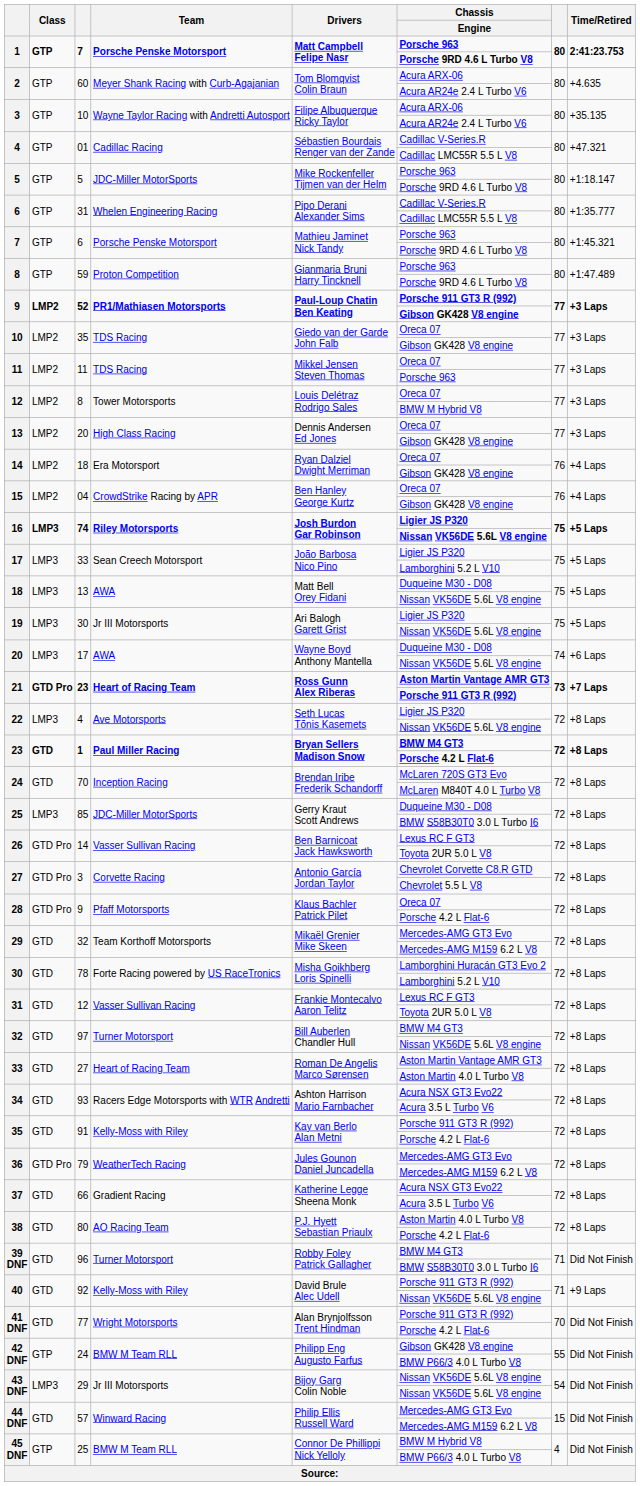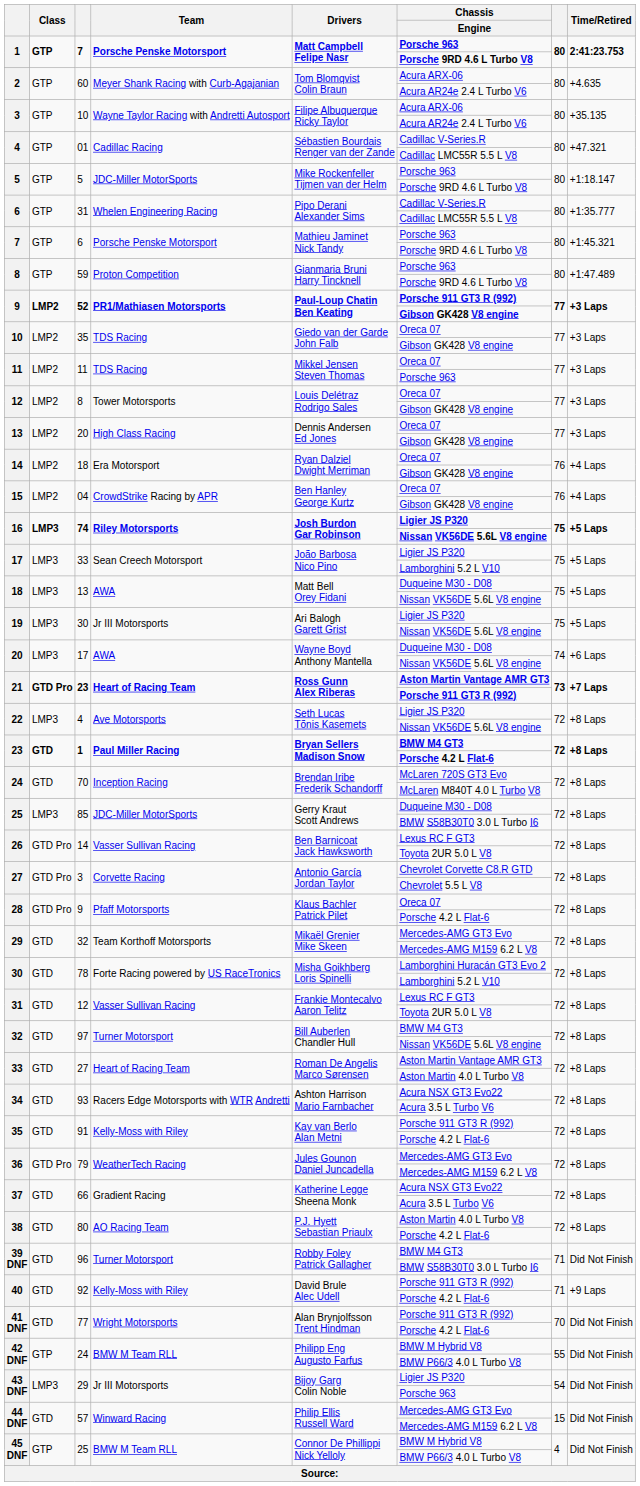 <table class="wikitable" style="font-size:95%;">
 <tr>
 <th rowspan="2"></th>
 <th rowspan="2">Class</th>
 <th rowspan="2"></th>
 <th rowspan="2">Team</th>
 <th rowspan="2">Drivers</th>
 <th>Chassis</th>
 <th rowspan="2"></th>
 <th rowspan="2">Time/Retired</th>
 </tr>
 <tr>
 <th>Engine</th>
 </tr>
 <tr style="font-weight:bold;">
 <th rowspan="2">1</th>
 <td rowspan="2">GTP</td>
 <td rowspan="2">7</td>
 <td rowspan="2"> <a href='#'>Porsche Penske Motorsport</a></td>
 <td rowspan="2"> <a href='#'>Matt Campbell</a><br> <a href='#'>Felipe Nasr</a></td>
 <td><a href='#'>Porsche 963</a></td>
 <td rowspan="2">80</td>
 <td rowspan="2">2:41:23.753</td>
 </tr>
 <tr style="font-weight:bold;">
 <td><a href='#'>Porsche</a> 9RD 4.6 L Turbo <a href='#'>V8</a></td>
 </tr>
 <tr>
 <th rowspan="2">2</th>
 <td rowspan="2">GTP</td>
 <td rowspan="2">60</td>
 <td rowspan="2"> <a href='#'>Meyer Shank Racing</a> with <a href='#'>Curb-Agajanian</a></td>
 <td rowspan="2"> <a href='#'>Tom Blomqvist</a><br> <a href='#'>Colin Braun</a></td>
 <td><a href='#'>Acura ARX-06</a></td>
 <td rowspan="2">80</td>
 <td rowspan="2">+4.635</td>
 </tr>
 <tr>
 <td><a href='#'>Acura AR24e</a> 2.4 L Turbo <a href='#'>V6</a></td>
 </tr>
 <tr>
 <th rowspan="2">3</th>
 <td rowspan="2">GTP</td>
 <td rowspan="2">10</td>
 <td rowspan="2"> <a href='#'>Wayne Taylor Racing</a> with <a href='#'>Andretti Autosport</a></td>
 <td rowspan="2"> <a href='#'>Filipe Albuquerque</a><br> <a href='#'>Ricky Taylor</a></td>
 <td><a href='#'>Acura ARX-06</a></td>
 <td rowspan="2">80</td>
 <td rowspan="2">+35.135</td>
 </tr>
 <tr>
 <td><a href='#'>Acura AR24e</a> 2.4 L Turbo <a href='#'>V6</a></td>
 </tr>
 <tr>
 <th rowspan="2">4</th>
 <td rowspan="2">GTP</td>
 <td rowspan="2">01</td>
 <td rowspan="2"> <a href='#'>Cadillac Racing</a></td>
 <td rowspan="2"> <a href='#'>Sébastien Bourdais</a><br> <a href='#'>Renger van der Zande</a></td>
 <td><a href='#'>Cadillac V-Series.R</a></td>
 <td rowspan="2">80</td>
 <td rowspan="2">+47.321</td>
 </tr>
 <tr>
 <td><a href='#'>Cadillac</a> LMC55R 5.5 L <a href='#'>V8</a></td>
 </tr>
 <tr>
 <th rowspan="2">5</th>
 <td rowspan="2">GTP</td>
 <td rowspan="2">5</td>
 <td rowspan="2"> <a href='#'>JDC-Miller MotorSports</a></td>
 <td rowspan="2"> <a href='#'>Mike Rockenfeller</a><br> <a href='#'>Tijmen van der Helm</a></td>
 <td><a href='#'>Porsche 963</a></td>
 <td rowspan="2">80</td>
 <td rowspan="2">+1:18.147</td>
 </tr>
 <tr>
 <td><a href='#'>Porsche</a> 9RD 4.6 L Turbo <a href='#'>V8</a></td>
 </tr>
 <tr>
 <th rowspan="2">6</th>
 <td rowspan="2">GTP</td>
 <td rowspan="2">31</td>
 <td rowspan="2"> <a href='#'>Whelen Engineering Racing</a></td>
 <td rowspan="2"> <a href='#'>Pipo Derani</a><br> <a href='#'>Alexander Sims</a></td>
 <td><a href='#'>Cadillac V-Series.R</a></td>
 <td rowspan="2">80</td>
 <td rowspan="2">+1:35.777</td>
 </tr>
 <tr>
 <td><a href='#'>Cadillac</a> LMC55R 5.5 L <a href='#'>V8</a></td>
 </tr>
 <tr>
 <th rowspan="2">7</th>
 <td rowspan="2">GTP</td>
 <td rowspan="2">6</td>
 <td rowspan="2"> <a href='#'>Porsche Penske Motorsport</a></td>
 <td rowspan="2"> <a href='#'>Mathieu Jaminet</a><br> <a href='#'>Nick Tandy</a></td>
 <td><a href='#'>Porsche 963</a></td>
 <td rowspan="2">80</td>
 <td rowspan="2">+1:45.321</td>
 </tr>
 <tr>
 <td><a href='#'>Porsche</a> 9RD 4.6 L Turbo <a href='#'>V8</a></td>
 </tr>
 <tr>
 <th rowspan="2">8</th>
 <td rowspan="2">GTP</td>
 <td rowspan="2">59</td>
 <td rowspan="2"> <a href='#'>Proton Competition</a></td>
 <td rowspan="2"> <a href='#'>Gianmaria Bruni</a><br> <a href='#'>Harry Tincknell</a></td>
 <td><a href='#'>Porsche 963</a></td>
 <td rowspan="2">80</td>
 <td rowspan="2">+1:47.489</td>
 </tr>
 <tr>
 <td><a href='#'>Porsche</a> 9RD 4.6 L Turbo <a href='#'>V8</a></td>
 </tr>
 <tr style="font-weight:bold">
 <th rowspan="2">9</th>
 <td rowspan="2">LMP2</td>
 <td rowspan="2">52</td>
 <td rowspan="2"> <a href='#'>PR1/Mathiasen Motorsports</a></td>
 <td rowspan="2"> <a href='#'>Paul-Loup Chatin</a><br> <a href='#'>Ben Keating</a></td>
 <td><a href='#'>Porsche 911 GT3 R (992)</a></td>
 <td rowspan="2">77</td>
 <td rowspan="2">+3 Laps</td>
 </tr>
 <tr style="font-weight:bold">
 <td><a href='#'>Gibson</a> GK428 <a href='#'>V8 engine</a></td>
 </tr>
 <tr>
 <th rowspan="2">10</th>
 <td rowspan="2">LMP2</td>
 <td rowspan="2">35</td>
 <td rowspan="2"> <a href='#'>TDS Racing</a></td>
 <td rowspan="2"> <a href='#'>Giedo van der Garde</a><br> <a href='#'>John Falb</a></td>
 <td><a href='#'>Oreca 07</a></td>
 <td rowspan="2">77</td>
 <td rowspan="2">+3 Laps</td>
 </tr>
 <tr>
 <td><a href='#'>Gibson</a> GK428 <a href='#'>V8 engine</a></td>
 </tr>
 <tr>
 <th rowspan="2">11</th>
 <td rowspan="2">LMP2</td>
 <td rowspan="2">11</td>
 <td rowspan="2"> <a href='#'>TDS Racing</a></td>
 <td rowspan="2"> <a href='#'>Mikkel Jensen</a><br> <a href='#'>Steven Thomas</a></td>
 <td><a href='#'>Oreca 07</a></td>
 <td rowspan="2">77</td>
 <td rowspan="2">+3 Laps</td>
 </tr>
 <tr>
 <td><a href='#'>Porsche 963</a></td>
 </tr>
 <tr>
 <th rowspan="2">12</th>
 <td rowspan="2">LMP2</td>
 <td rowspan="2">8</td>
 <td rowspan="2"> Tower Motorsports</td>
 <td rowspan="2"> <a href='#'>Louis Delétraz</a><br> <a href='#'>Rodrigo Sales</a></td>
 <td><a href='#'>Oreca 07</a></td>
 <td rowspan="2">77</td>
 <td rowspan="2">+3 Laps</td>
 </tr>
 <tr>
-<td><a href='#'>BMW M Hybrid V8</a></td>
+<td><a href='#'>Gibson</a> GK428 <a href='#'>V8 engine</a></td>
 </tr>
 <tr>
 <th rowspan="2">13</th>
 <td rowspan="2">LMP2</td>
 <td rowspan="2">20</td>
 <td rowspan="2"> <a href='#'>High Class Racing</a></td>
 <td rowspan="2"> Dennis Andersen<br> <a href='#'>Ed Jones</a></td>
 <td><a href='#'>Oreca 07</a></td>
 <td rowspan="2">77</td>
 <td rowspan="2">+3 Laps</td>
 </tr>
 <tr>
 <td><a href='#'>Gibson</a> GK428 <a href='#'>V8 engine</a></td>
 </tr>
 <tr>
 <th rowspan="2">14</th>
 <td rowspan="2">LMP2</td>
 <td rowspan="2">18</td>
 <td rowspan="2"> Era Motorsport</td>
 <td rowspan="2"> <a href='#'>Ryan Dalziel</a><br> <a href='#'>Dwight Merriman</a></td>
 <td><a href='#'>Oreca 07</a></td>
 <td rowspan="2">76</td>
 <td rowspan="2">+4 Laps</td>
 </tr>
 <tr>
 <td><a href='#'>Gibson</a> GK428 <a href='#'>V8 engine</a></td>
 </tr>
 <tr>
 <th rowspan="2">15</th>
 <td rowspan="2">LMP2</td>
 <td rowspan="2">04</td>
 <td rowspan="2"> <a href='#'>CrowdStrike</a> Racing by <a href='#'>APR</a></td>
 <td rowspan="2"> <a href='#'>Ben Hanley</a><br> <a href='#'>George Kurtz</a></td>
 <td><a href='#'>Oreca 07</a></td>
 <td rowspan="2">76</td>
 <td rowspan="2">+4 Laps</td>
 </tr>
 <tr>
 <td><a href='#'>Gibson</a> GK428 <a href='#'>V8 engine</a></td>
 </tr>
 <tr style="font-weight:bold">
 <th rowspan="2">16</th>
 <td rowspan="2">LMP3</td>
 <td rowspan="2">74</td>
 <td rowspan="2"> <a href='#'>Riley Motorsports</a></td>
 <td rowspan="2"> <a href='#'>Josh Burdon</a><br> <a href='#'>Gar Robinson</a></td>
 <td><a href='#'>Ligier JS P320</a></td>
 <td rowspan="2">75</td>
 <td rowspan="2">+5 Laps</td>
 </tr>
 <tr style="font-weight:bold">
 <td><a href='#'>Nissan</a> <a href='#'>VK56DE</a> 5.6L <a href='#'>V8 engine</a></td>
 </tr>
 <tr>
 <th rowspan="2">17</th>
 <td rowspan="2">LMP3</td>
 <td rowspan="2">33</td>
 <td rowspan="2"> Sean Creech Motorsport</td>
 <td rowspan="2"> <a href='#'>João Barbosa</a><br> <a href='#'>Nico Pino</a></td>
 <td><a href='#'>Ligier JS P320</a></td>
 <td rowspan="2">75</td>
 <td rowspan="2">+5 Laps</td>
 </tr>
 <tr>
 <td><a href='#'>Lamborghini</a> 5.2 L <a href='#'>V10</a></td>
 </tr>
 <tr>
 <th rowspan="2">18</th>
 <td rowspan="2">LMP3</td>
 <td rowspan="2">13</td>
 <td rowspan="2"> <a href='#'>AWA</a></td>
 <td rowspan="2"> Matt Bell<br> <a href='#'>Orey Fidani</a></td>
 <td><a href='#'>Duqueine M30 - D08</a></td>
 <td rowspan="2">75</td>
 <td rowspan="2">+5 Laps</td>
 </tr>
 <tr>
 <td><a href='#'>Nissan</a> <a href='#'>VK56DE</a> 5.6L <a href='#'>V8 engine</a></td>
 </tr>
 <tr>
 <th rowspan="2">19</th>
 <td rowspan="2">LMP3</td>
 <td rowspan="2">30</td>
 <td rowspan="2"> Jr III Motorsports</td>
 <td rowspan="2"> Ari Balogh<br> <a href='#'>Garett Grist</a></td>
 <td><a href='#'>Ligier JS P320</a></td>
 <td rowspan="2">75</td>
 <td rowspan="2">+5 Laps</td>
 </tr>
 <tr>
 <td><a href='#'>Nissan</a> <a href='#'>VK56DE</a> 5.6L <a href='#'>V8 engine</a></td>
 </tr>
 <tr>
 <th rowspan="2">20</th>
 <td rowspan="2">LMP3</td>
 <td rowspan="2">17</td>
 <td rowspan="2"> <a href='#'>AWA</a></td>
 <td rowspan="2"> <a href='#'>Wayne Boyd</a><br> Anthony Mantella</td>
 <td><a href='#'>Duqueine M30 - D08</a></td>
 <td rowspan="2">74</td>
 <td rowspan="2">+6 Laps</td>
 </tr>
 <tr>
 <td><a href='#'>Nissan</a> <a href='#'>VK56DE</a> 5.6L <a href='#'>V8 engine</a></td>
 </tr>
 <tr style="font-weight:bold;">
 <th rowspan="2">21</th>
 <td rowspan="2">GTD Pro</td>
 <td rowspan="2">23</td>
 <td rowspan="2"> <a href='#'>Heart of Racing Team</a></td>
 <td rowspan="2"> <a href='#'>Ross Gunn</a><br> <a href='#'>Alex Riberas</a></td>
 <td><a href='#'>Aston Martin Vantage AMR GT3</a></td>
 <td rowspan="2">73</td>
 <td rowspan="2">+7 Laps</td>
 </tr>
 <tr style="font-weight:bold;">
 <td><a href='#'>Porsche 911 GT3 R (992)</a></td>
 </tr>
 <tr>
 <th rowspan="2">22</th>
 <td rowspan="2">LMP3</td>
 <td rowspan="2">4</td>
 <td rowspan="2"> <a href='#'>Ave Motorsports</a></td>
 <td rowspan="2"> <a href='#'>Seth Lucas</a><br> <a href='#'>Tõnis Kasemets</a></td>
 <td><a href='#'>Ligier JS P320</a></td>
 <td rowspan="2">72</td>
 <td rowspan="2">+8 Laps</td>
 </tr>
 <tr>
 <td><a href='#'>Nissan</a> <a href='#'>VK56DE</a> 5.6L <a href='#'>V8 engine</a></td>
 </tr>
 <tr style="font-weight:bold">
 <th rowspan="2">23</th>
 <td rowspan="2">GTD</td>
 <td rowspan="2">1</td>
 <td rowspan="2"> <a href='#'>Paul Miller Racing</a></td>
 <td rowspan="2"> <a href='#'>Bryan Sellers</a><br> <a href='#'>Madison Snow</a></td>
 <td><a href='#'>BMW M4 GT3</a></td>
 <td rowspan="2">72</td>
 <td rowspan="2">+8 Laps</td>
 </tr>
 <tr style="font-weight:bold">
 <td><a href='#'>Porsche</a> 4.2 L <a href='#'>Flat-6</a></td>
 </tr>
 <tr>
 <th rowspan="2">24</th>
 <td rowspan="2">GTD</td>
 <td rowspan="2">70</td>
 <td rowspan="2"> <a href='#'>Inception Racing</a></td>
 <td rowspan="2"> <a href='#'>Brendan Iribe</a><br> <a href='#'>Frederik Schandorff</a></td>
 <td><a href='#'>McLaren 720S GT3 Evo</a></td>
 <td rowspan="2">72</td>
 <td rowspan="2">+8 Laps</td>
 </tr>
 <tr>
 <td><a href='#'>McLaren</a> M840T 4.0 L <a href='#'>Turbo</a> <a href='#'>V8</a></td>
 </tr>
 <tr>
 <th rowspan="2">25</th>
 <td rowspan="2">LMP3</td>
 <td rowspan="2">85</td>
 <td rowspan="2"> <a href='#'>JDC-Miller MotorSports</a></td>
 <td rowspan="2"> Gerry Kraut<br> Scott Andrews</td>
 <td><a href='#'>Duqueine M30 - D08</a></td>
 <td rowspan="2">72</td>
 <td rowspan="2">+8 Laps</td>
 </tr>
 <tr>
 <td><a href='#'>BMW</a> <a href='#'>S58B30T0</a> 3.0 L Turbo <a href='#'>I6</a></td>
 </tr>
 <tr>
 <th rowspan="2">26</th>
 <td rowspan="2">GTD Pro</td>
 <td rowspan="2">14</td>
 <td rowspan="2"> <a href='#'>Vasser Sullivan Racing</a></td>
 <td rowspan="2"> <a href='#'>Ben Barnicoat</a><br> <a href='#'>Jack Hawksworth</a></td>
 <td><a href='#'>Lexus RC F GT3</a></td>
 <td rowspan="2">72</td>
 <td rowspan="2">+8 Laps</td>
 </tr>
 <tr>
 <td><a href='#'>Toyota</a> 2UR 5.0 L <a href='#'>V8</a></td>
 </tr>
 <tr>
 <th rowspan="2">27</th>
 <td rowspan="2">GTD Pro</td>
 <td rowspan="2">3</td>
 <td rowspan="2"> <a href='#'>Corvette Racing</a></td>
 <td rowspan="2"> <a href='#'>Antonio García</a><br> <a href='#'>Jordan Taylor</a></td>
 <td><a href='#'>Chevrolet Corvette C8.R GTD</a></td>
 <td rowspan="2">72</td>
 <td rowspan="2">+8 Laps</td>
 </tr>
 <tr>
 <td><a href='#'>Chevrolet</a> 5.5 L <a href='#'>V8</a></td>
 </tr>
 <tr>
 <th rowspan="2">28</th>
 <td rowspan="2">GTD Pro</td>
 <td rowspan="2">9</td>
 <td rowspan="2"> <a href='#'>Pfaff Motorsports</a></td>
 <td rowspan="2"> <a href='#'>Klaus Bachler</a><br> <a href='#'>Patrick Pilet</a></td>
 <td><a href='#'>Oreca 07</a></td>
 <td rowspan="2">72</td>
 <td rowspan="2">+8 Laps</td>
 </tr>
 <tr>
 <td><a href='#'>Porsche</a> 4.2 L <a href='#'>Flat-6</a></td>
 </tr>
 <tr>
 <th rowspan="2">29</th>
 <td rowspan="2">GTD</td>
 <td rowspan="2">32</td>
 <td rowspan="2"> Team Korthoff Motorsports</td>
 <td rowspan="2"> <a href='#'>Mikaël Grenier</a><br> <a href='#'>Mike Skeen</a></td>
 <td><a href='#'>Mercedes-AMG GT3 Evo</a></td>
 <td rowspan="2">72</td>
 <td rowspan="2">+8 Laps</td>
 </tr>
 <tr>
 <td><a href='#'>Mercedes-AMG M159</a> 6.2 L <a href='#'>V8</a></td>
 </tr>
 <tr>
 <th rowspan="2">30</th>
 <td rowspan="2">GTD</td>
 <td rowspan="2">78</td>
 <td rowspan="2"> Forte Racing powered by <a href='#'>US RaceTronics</a></td>
 <td rowspan="2"> <a href='#'>Misha Goikhberg</a><br> <a href='#'>Loris Spinelli</a></td>
 <td><a href='#'>Lamborghini Huracán GT3 Evo 2</a></td>
 <td rowspan="2">72</td>
 <td rowspan="2">+8 Laps</td>
 </tr>
 <tr>
 <td><a href='#'>Lamborghini</a> 5.2 L <a href='#'>V10</a></td>
 </tr>
 <tr>
 <th rowspan="2">31</th>
 <td rowspan="2">GTD</td>
 <td rowspan="2">12</td>
 <td rowspan="2"> <a href='#'>Vasser Sullivan Racing</a></td>
 <td rowspan="2"> <a href='#'>Frankie Montecalvo</a><br> <a href='#'>Aaron Telitz</a></td>
 <td><a href='#'>Lexus RC F GT3</a></td>
 <td rowspan="2">72</td>
 <td rowspan="2">+8 Laps</td>
 </tr>
 <tr>
 <td><a href='#'>Toyota</a> 2UR 5.0 L <a href='#'>V8</a></td>
 </tr>
 <tr>
 <th rowspan="2">32</th>
 <td rowspan="2">GTD</td>
 <td rowspan="2">97</td>
 <td rowspan="2"> <a href='#'>Turner Motorsport</a></td>
 <td rowspan="2"> <a href='#'>Bill Auberlen</a><br> Chandler Hull</td>
 <td><a href='#'>BMW M4 GT3</a></td>
 <td rowspan="2">72</td>
 <td rowspan="2">+8 Laps</td>
 </tr>
 <tr>
 <td><a href='#'>Nissan</a> <a href='#'>VK56DE</a> 5.6L <a href='#'>V8 engine</a></td>
 </tr>
 <tr>
 <th rowspan="2">33</th>
 <td rowspan="2">GTD</td>
 <td rowspan="2">27</td>
 <td rowspan="2"> <a href='#'>Heart of Racing Team</a></td>
 <td rowspan="2"> <a href='#'>Roman De Angelis</a><br> <a href='#'>Marco Sørensen</a></td>
 <td><a href='#'>Aston Martin Vantage AMR GT3</a></td>
 <td rowspan="2">72</td>
 <td rowspan="2">+8 Laps</td>
 </tr>
 <tr>
 <td><a href='#'>Aston Martin</a> 4.0 L Turbo <a href='#'>V8</a></td>
 </tr>
 <tr>
 <th rowspan="2">34</th>
 <td rowspan="2">GTD</td>
 <td rowspan="2">93</td>
 <td rowspan="2"> Racers Edge Motorsports with <a href='#'>WTR</a> <a href='#'>Andretti</a></td>
 <td rowspan="2"> Ashton Harrison<br> <a href='#'>Mario Farnbacher</a></td>
 <td><a href='#'>Acura NSX GT3 Evo22</a></td>
 <td rowspan="2">72</td>
 <td rowspan="2">+8 Laps</td>
 </tr>
 <tr>
 <td><a href='#'>Acura</a> 3.5 L <a href='#'>Turbo</a> <a href='#'>V6</a></td>
 </tr>
 <tr>
 <th rowspan="2">35</th>
 <td rowspan="2">GTD</td>
 <td rowspan="2">91</td>
 <td rowspan="2"> <a href='#'>Kelly-Moss with Riley</a></td>
 <td rowspan="2"> <a href='#'>Kay van Berlo</a><br> <a href='#'>Alan Metni</a></td>
 <td><a href='#'>Porsche 911 GT3 R (992)</a></td>
 <td rowspan="2">72</td>
 <td rowspan="2">+8 Laps</td>
 </tr>
 <tr>
 <td><a href='#'>Porsche</a> 4.2 L <a href='#'>Flat-6</a></td>
 </tr>
 <tr>
 <th rowspan="2">36</th>
 <td rowspan="2">GTD Pro</td>
 <td rowspan="2">79</td>
 <td rowspan="2"> <a href='#'>WeatherTech Racing</a></td>
 <td rowspan="2"> <a href='#'>Jules Gounon</a><br> <a href='#'>Daniel Juncadella</a></td>
 <td><a href='#'>Mercedes-AMG GT3 Evo</a></td>
 <td rowspan="2">72</td>
 <td rowspan="2">+8 Laps</td>
 </tr>
 <tr>
 <td><a href='#'>Mercedes-AMG M159</a> 6.2 L <a href='#'>V8</a></td>
 </tr>
 <tr>
 <th rowspan="2">37</th>
 <td rowspan="2">GTD</td>
 <td rowspan="2">66</td>
 <td rowspan="2"> Gradient Racing</td>
 <td rowspan="2"> <a href='#'>Katherine Legge</a><br> Sheena Monk</td>
 <td><a href='#'>Acura NSX GT3 Evo22</a></td>
 <td rowspan="2">72</td>
 <td rowspan="2">+8 Laps</td>
 </tr>
 <tr>
 <td><a href='#'>Acura</a> 3.5 L <a href='#'>Turbo</a> <a href='#'>V6</a></td>
 </tr>
 <tr>
 <th rowspan="2">38</th>
 <td rowspan="2">GTD</td>
 <td rowspan="2">80</td>
 <td rowspan="2"> <a href='#'>AO Racing Team</a></td>
 <td rowspan="2"> <a href='#'>P.J. Hyett</a><br> <a href='#'>Sebastian Priaulx</a></td>
 <td><a href='#'>Aston Martin</a> 4.0 L Turbo <a href='#'>V8</a></td>
 <td rowspan="2">72</td>
 <td rowspan="2">+8 Laps</td>
 </tr>
 <tr>
 <td><a href='#'>Porsche</a> 4.2 L <a href='#'>Flat-6</a></td>
 </tr>
 <tr>
 <th rowspan="2">39<br>DNF</th>
 <td rowspan="2">GTD</td>
 <td rowspan="2">96</td>
 <td rowspan="2"> <a href='#'>Turner Motorsport</a></td>
 <td rowspan="2"> <a href='#'>Robby Foley</a><br> <a href='#'>Patrick Gallagher</a></td>
 <td><a href='#'>BMW M4 GT3</a></td>
 <td rowspan="2">71</td>
 <td rowspan="2">Did Not Finish</td>
 </tr>
 <tr>
 <td><a href='#'>BMW</a> <a href='#'>S58B30T0</a> 3.0 L Turbo <a href='#'>I6</a></td>
 </tr>
 <tr>
 <th rowspan="2">40</th>
 <td rowspan="2">GTD</td>
 <td rowspan="2">92</td>
 <td rowspan="2"> <a href='#'>Kelly-Moss with Riley</a></td>
 <td rowspan="2"> David Brule<br> <a href='#'>Alec Udell</a></td>
 <td><a href='#'>Porsche 911 GT3 R (992)</a></td>
 <td rowspan="2">71</td>
 <td rowspan="2">+9 Laps</td>
 </tr>
 <tr>
-<td><a href='#'>Nissan</a> <a href='#'>VK56DE</a> 5.6L <a href='#'>V8 engine</a></td>
+<td><a href='#'>Porsche</a> 4.2 L <a href='#'>Flat-6</a></td>
 </tr>
 <tr>
 <th rowspan="2">41<br>DNF</th>
 <td rowspan="2">GTD</td>
 <td rowspan="2">77</td>
 <td rowspan="2"> <a href='#'>Wright Motorsports</a></td>
 <td rowspan="2"> Alan Brynjolfsson<br> <a href='#'>Trent Hindman</a></td>
 <td><a href='#'>Porsche 911 GT3 R (992)</a></td>
 <td rowspan="2">70</td>
 <td rowspan="2">Did Not Finish</td>
 </tr>
 <tr>
 <td><a href='#'>Porsche</a> 4.2 L <a href='#'>Flat-6</a></td>
 </tr>
 <tr>
 <th rowspan="2">42<br>DNF</th>
 <td rowspan="2">GTP</td>
 <td rowspan="2">24</td>
 <td rowspan="2"> <a href='#'>BMW M Team RLL</a></td>
 <td rowspan="2"> <a href='#'>Philipp Eng</a><br> <a href='#'>Augusto Farfus</a></td>
-<td><a href='#'>Gibson</a> GK428 <a href='#'>V8 engine</a></td>
+<td><a href='#'>BMW M Hybrid V8</a></td>
 <td rowspan="2">55</td>
 <td rowspan="2">Did Not Finish</td>
 </tr>
 <tr>
 <td><a href='#'>BMW P66/3</a> 4.0 L Turbo <a href='#'>V8</a></td>
 </tr>
 <tr>
 <th rowspan="2">43<br>DNF</th>
 <td rowspan="2">LMP3</td>
 <td rowspan="2">29</td>
 <td rowspan="2"> Jr III Motorsports</td>
 <td rowspan="2"> <a href='#'>Bijoy Garg</a><br> Colin Noble</td>
-<td><a href='#'>Nissan</a> <a href='#'>VK56DE</a> 5.6L <a href='#'>V8 engine</a></td>
+<td><a href='#'>Ligier JS P320</a></td>
 <td rowspan="2">54</td>
 <td rowspan="2">Did Not Finish</td>
 </tr>
 <tr>
-<td><a href='#'>Nissan</a> <a href='#'>VK56DE</a> 5.6L <a href='#'>V8 engine</a></td>
+<td><a href='#'>Porsche 963</a></td>
 </tr>
 <tr>
 <th rowspan="2">44<br>DNF</th>
 <td rowspan="2">GTD</td>
 <td rowspan="2">57</td>
 <td rowspan="2"> <a href='#'>Winward Racing</a></td>
 <td rowspan="2"> <a href='#'>Philip Ellis</a><br> <a href='#'>Russell Ward</a></td>
 <td><a href='#'>Mercedes-AMG GT3 Evo</a></td>
 <td rowspan="2">15</td>
 <td rowspan="2">Did Not Finish</td>
 </tr>
 <tr>
 <td><a href='#'>Mercedes-AMG M159</a> 6.2 L <a href='#'>V8</a></td>
 </tr>
 <tr>
 <th rowspan="2">45<br>DNF</th>
 <td rowspan="2">GTP</td>
 <td rowspan="2">25</td>
 <td rowspan="2"> <a href='#'>BMW M Team RLL</a></td>
 <td rowspan="2"> <a href='#'>Connor De Phillippi</a><br> <a href='#'>Nick Yelloly</a></td>
 <td><a href='#'>BMW M Hybrid V8</a></td>
 <td rowspan="2">4</td>
 <td rowspan="2">Did Not Finish</td>
 </tr>
 <tr>
 <td><a href='#'>BMW P66/3</a> 4.0 L Turbo <a href='#'>V8</a></td>
 </tr>
 <tr>
 <th colspan="8">Source:</th>
 </tr>
 </table>
